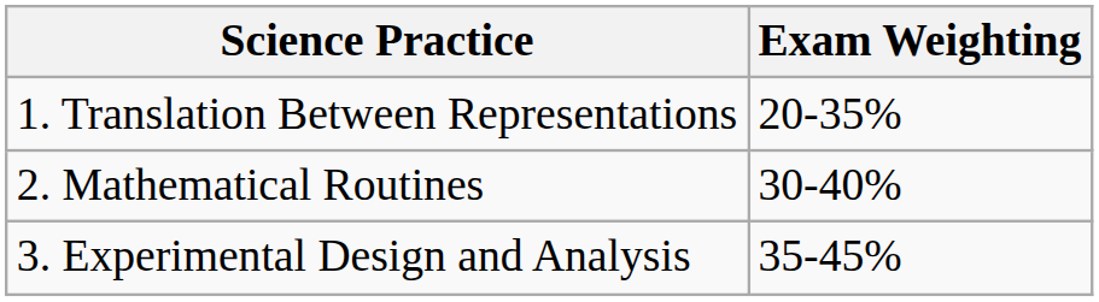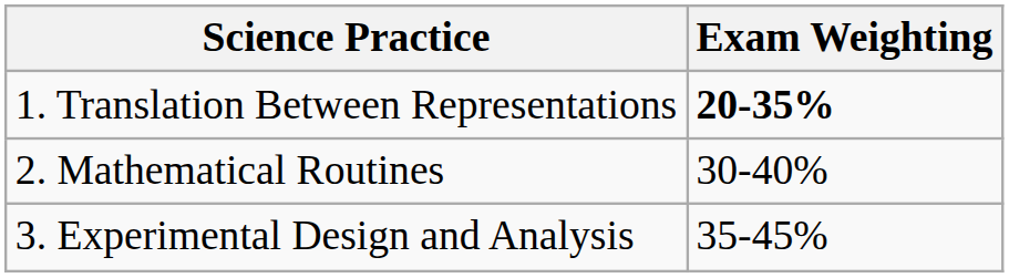 <table class="wikitable">
 <tr>
 <th>Science Practice</th>
 <th>Exam Weighting</th>
 </tr>
 <tr>
 <td>1. Translation Between Representations</td>
-<td>20-35%</td>
+<td><strong>20-35%</strong></td>
 </tr>
 <tr>
 <td>2. Mathematical Routines</td>
 <td>30-40%</td>
 </tr>
 <tr>
 <td>3. Experimental Design and Analysis</td>
 <td>35-45%</td>
 </tr>
 </table>
